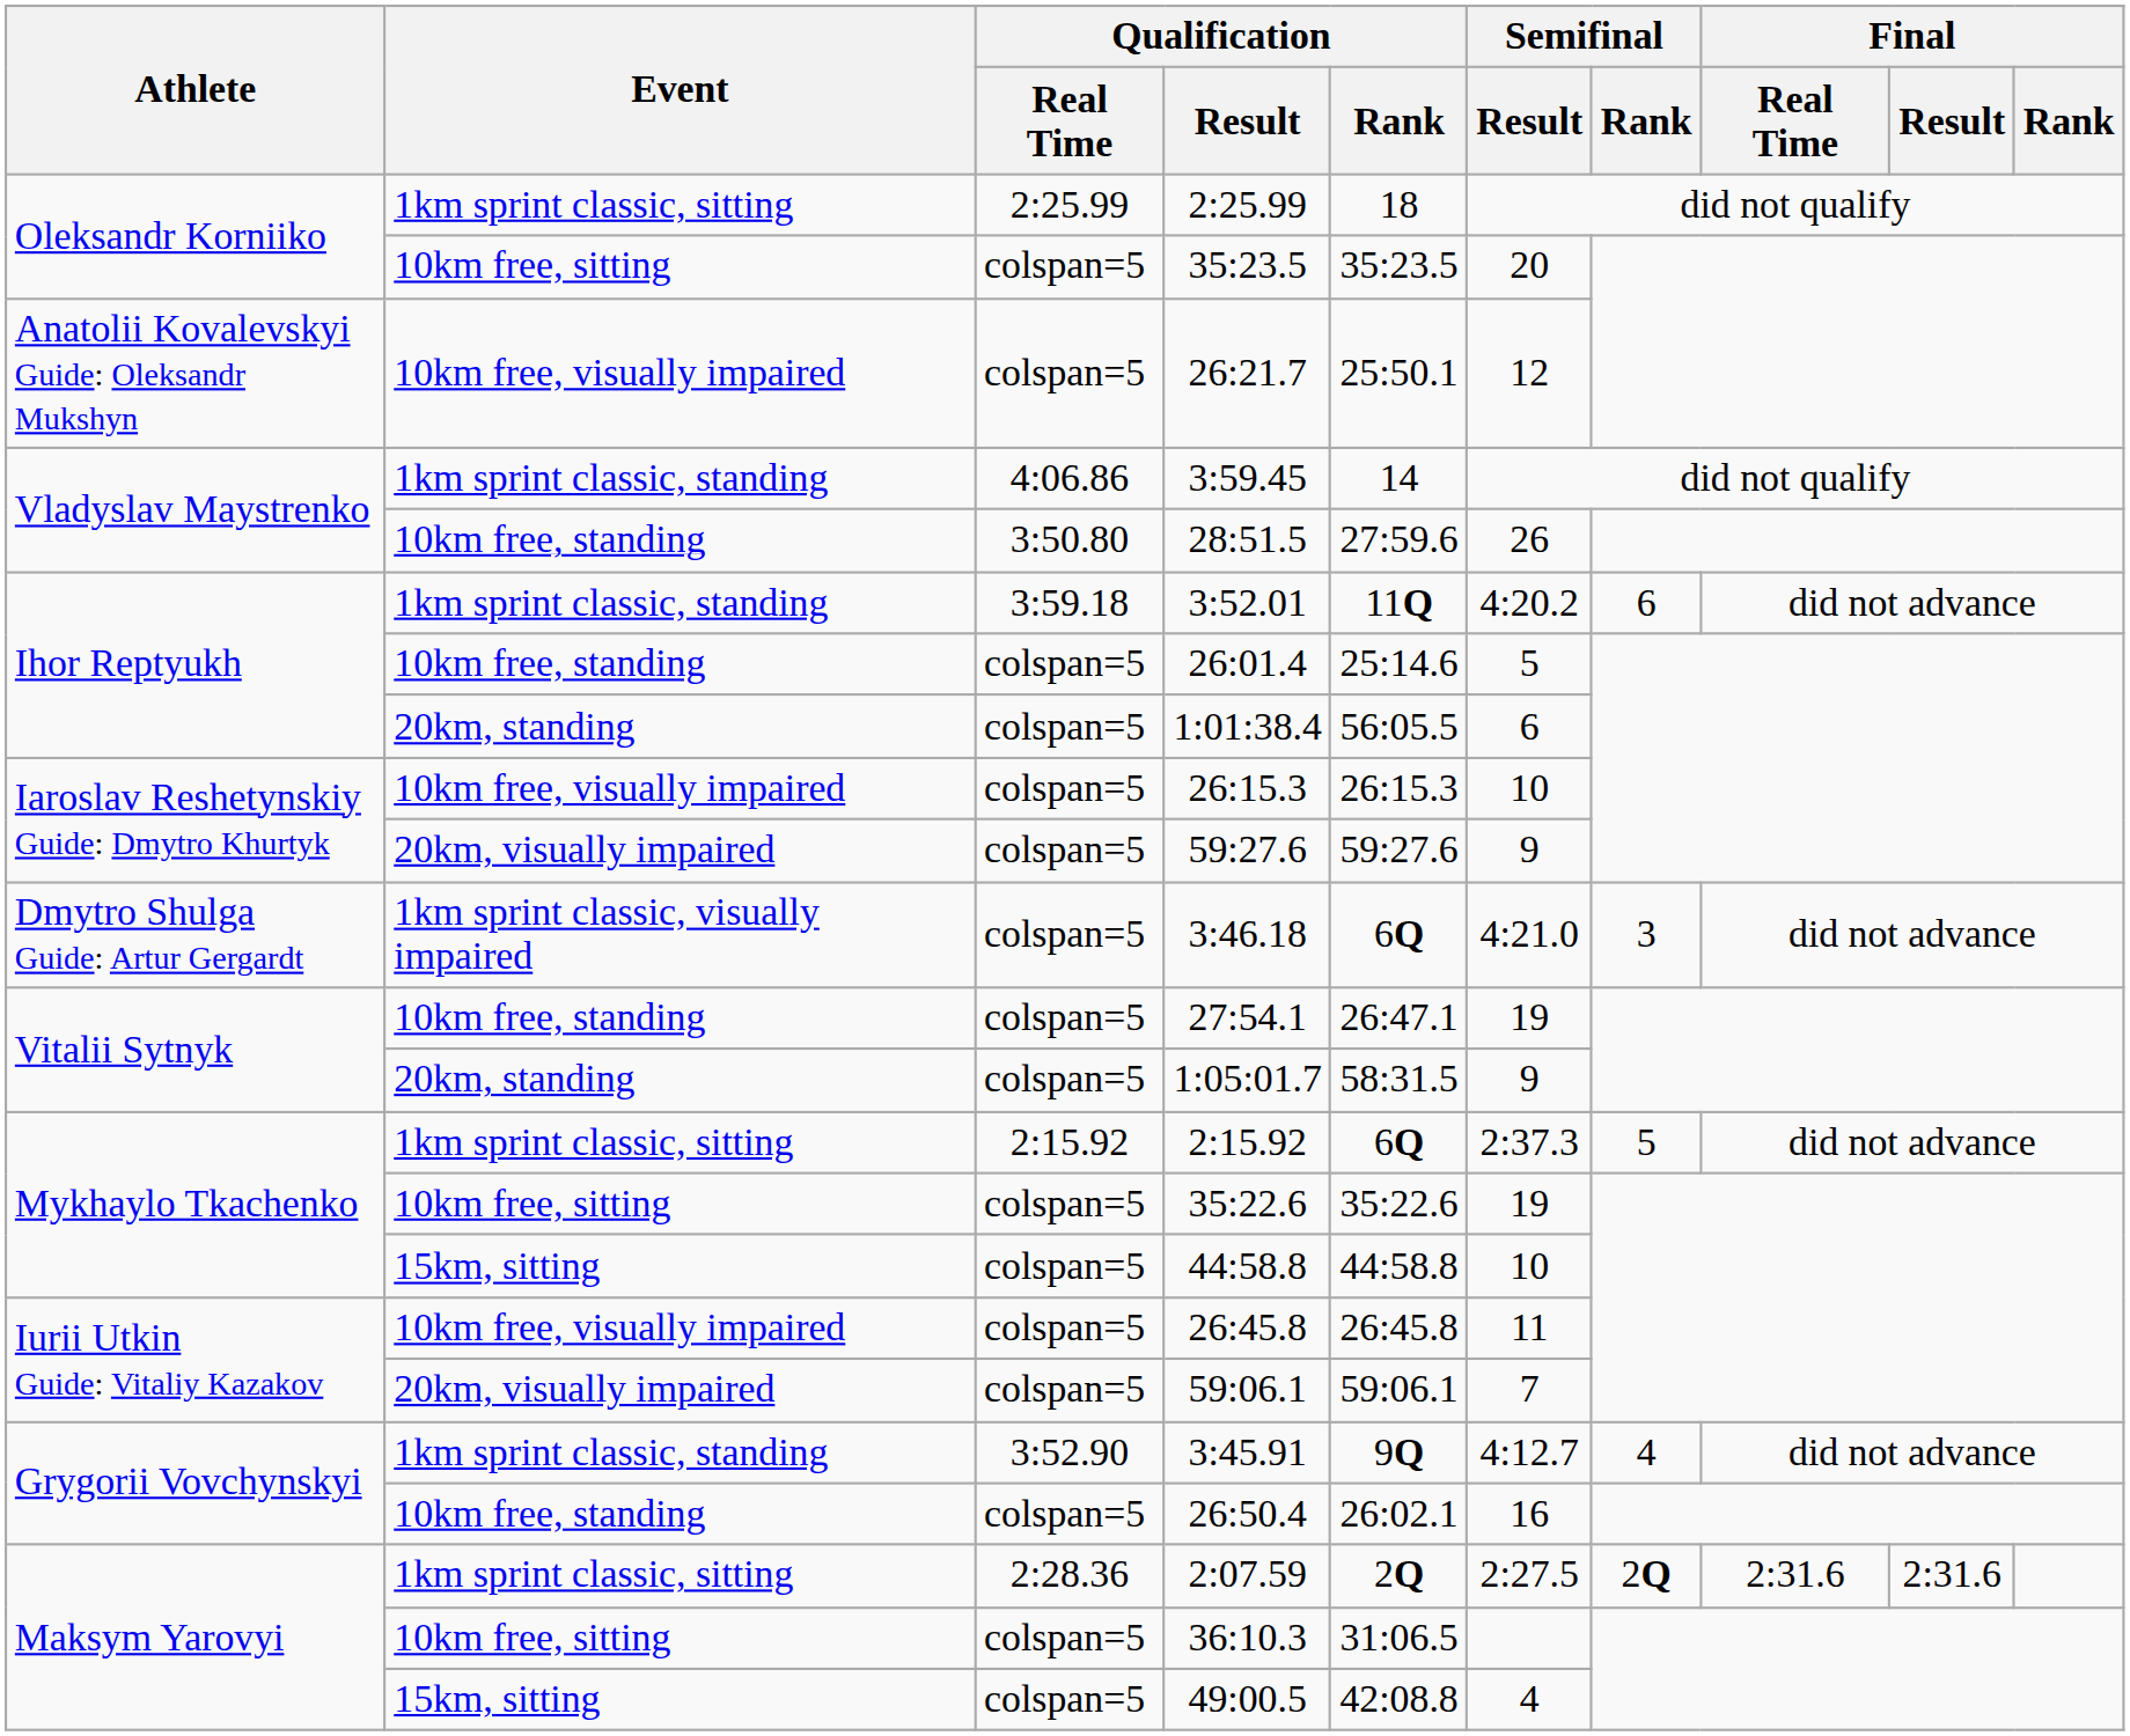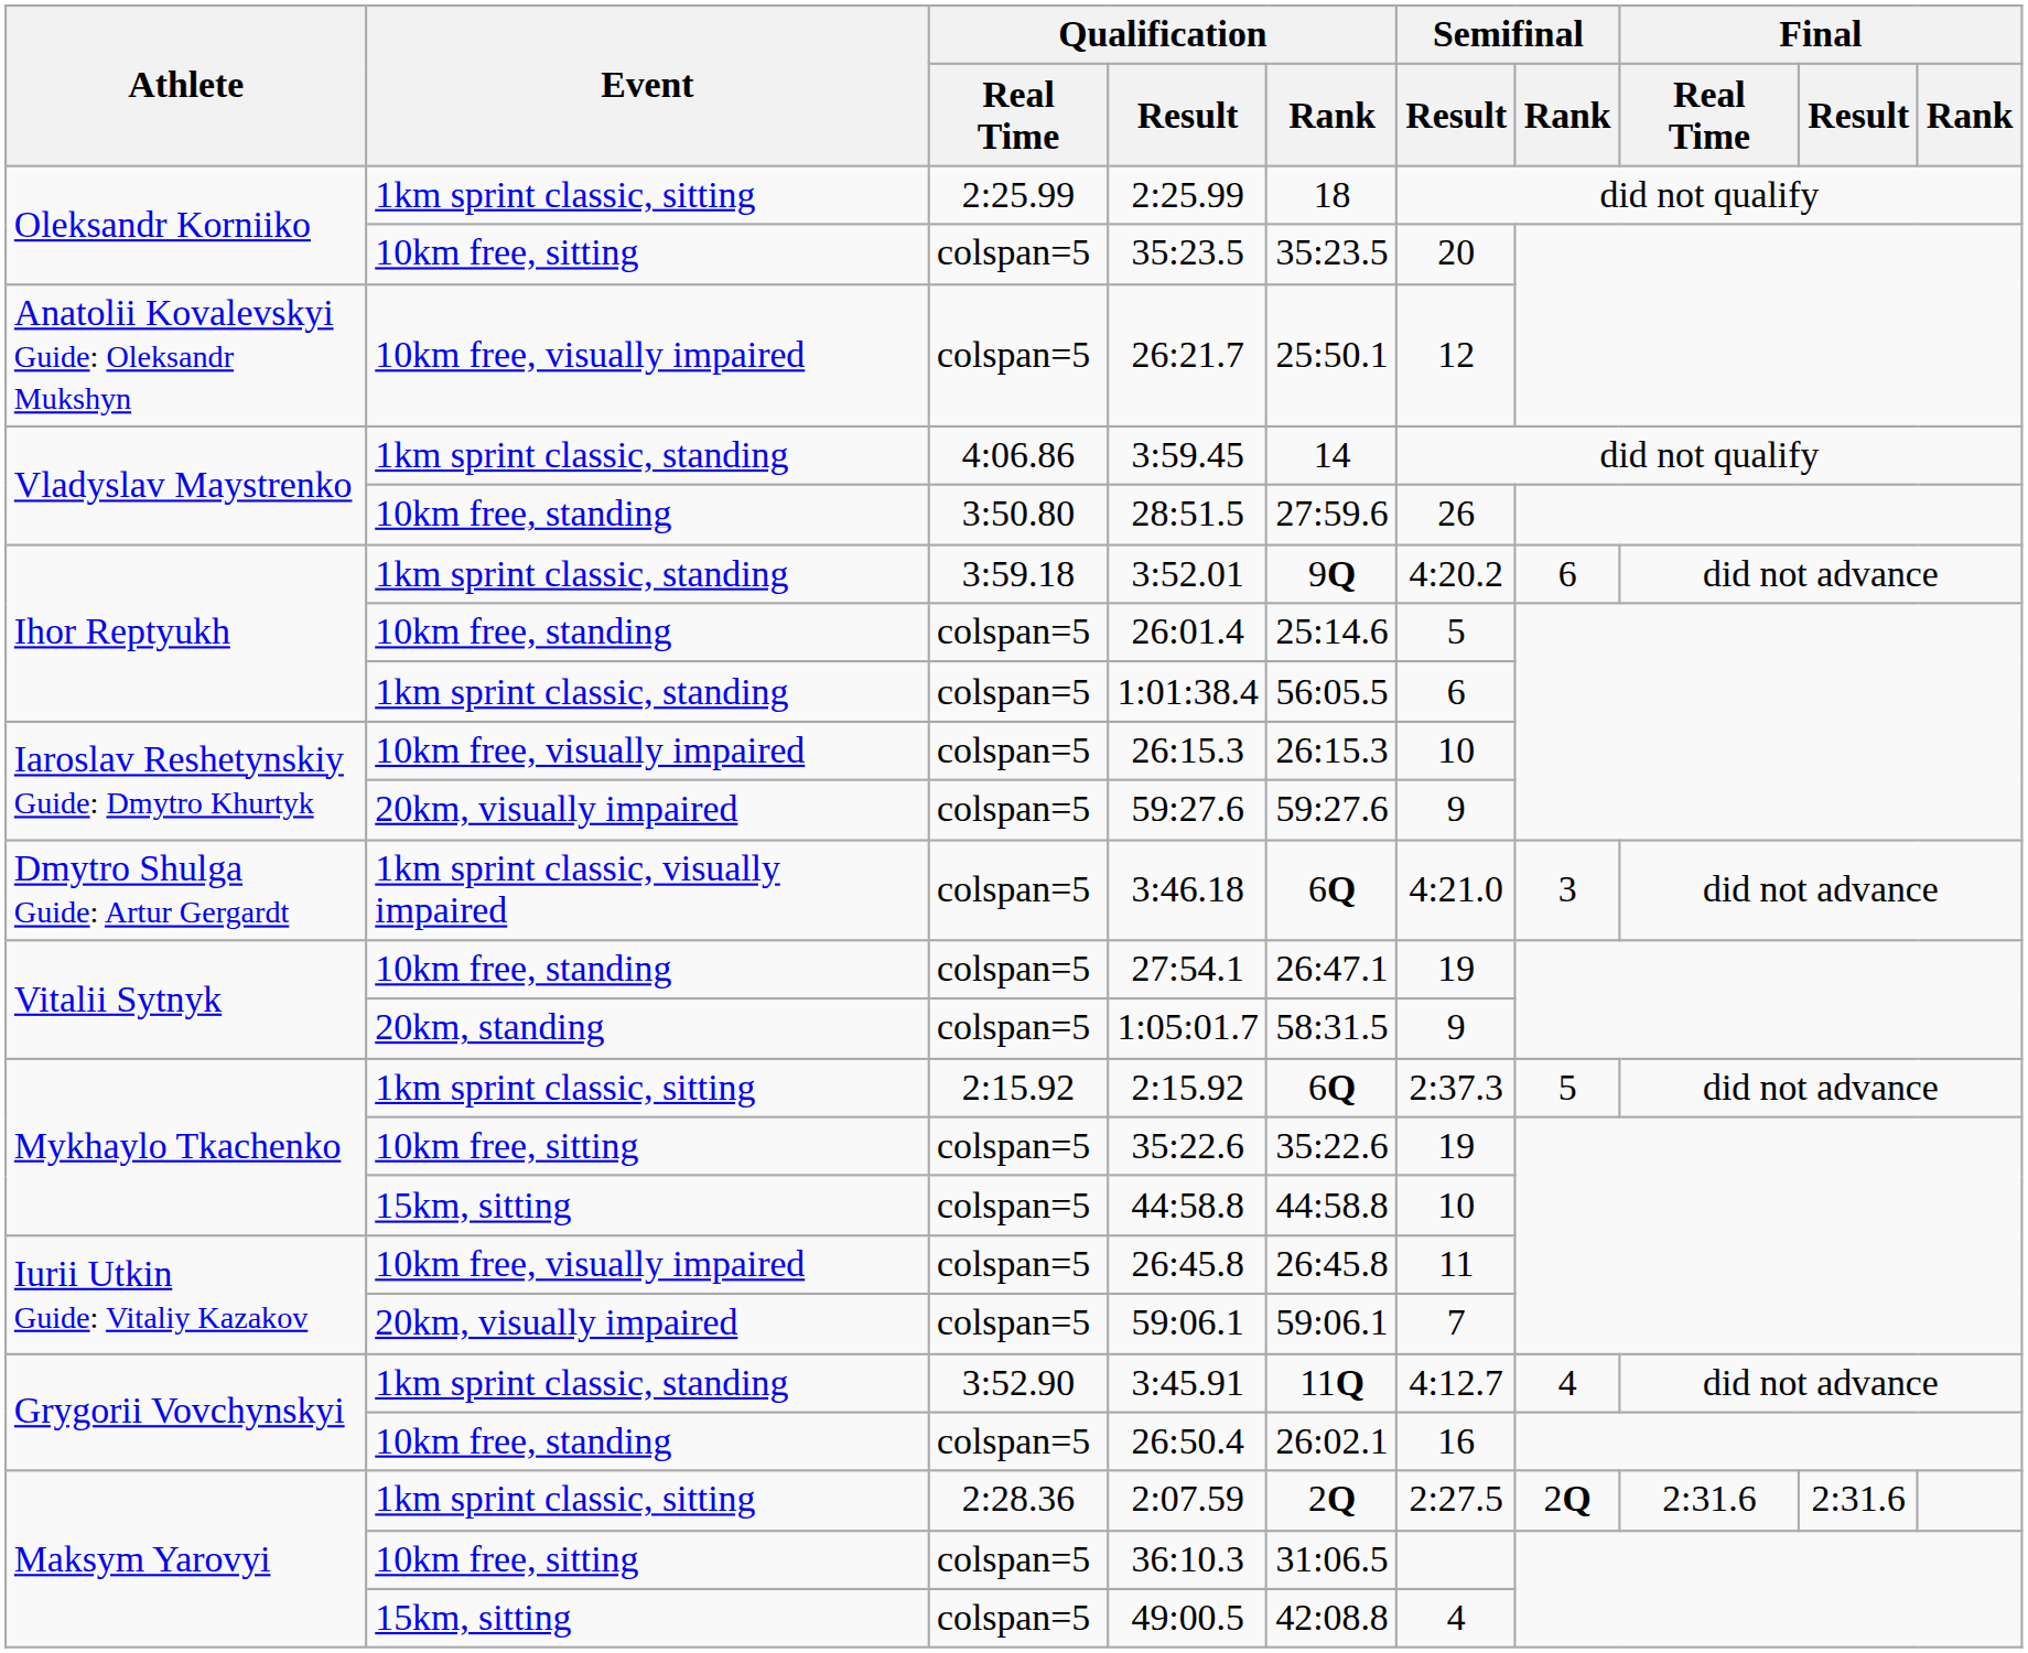 <table class="wikitable" style="font-size:100%">
 <tr>
 <th rowspan="2">Athlete</th>
 <th rowspan="2">Event</th>
 <th colspan="3">Qualification</th>
 <th colspan="2">Semifinal</th>
 <th colspan="3">Final</th>
 </tr>
 <tr>
 <th>Real Time</th>
 <th>Result</th>
 <th>Rank</th>
 <th>Result</th>
 <th>Rank</th>
 <th>Real Time</th>
 <th>Result</th>
 <th>Rank</th>
 </tr>
 <tr>
 <td rowspan=2><a href='#'>Oleksandr Korniiko</a></td>
 <td><a href='#'>1km sprint classic, sitting</a></td>
 <td align="center">2:25.99</td>
 <td align="center">2:25.99</td>
 <td align="center">18</td>
 <td colspan=5 align="center">did not qualify</td>
 </tr>
 <tr>
 <td><a href='#'>10km free, sitting</a></td>
 <td>colspan=5 </td>
 <td align="center">35:23.5</td>
 <td align="center">35:23.5</td>
 <td align="center">20</td>
 </tr>
 <tr>
 <td><a href='#'>Anatolii Kovalevskyi</a><br><small><a href='#'>Guide</a>: <a href='#'>Oleksandr Mukshyn</a></small></td>
 <td><a href='#'>10km free, visually impaired</a></td>
 <td>colspan=5 </td>
 <td align="center">26:21.7</td>
 <td align="center">25:50.1</td>
 <td align="center">12</td>
 </tr>
 <tr>
 <td rowspan=2><a href='#'>Vladyslav Maystrenko</a></td>
 <td><a href='#'>1km sprint classic, standing</a></td>
 <td align="center">4:06.86</td>
 <td align="center">3:59.45</td>
 <td align="center">14</td>
 <td colspan=5 align="center">did not qualify</td>
 </tr>
 <tr>
 <td><a href='#'>10km free, standing</a></td>
 <td align="center">3:50.80</td>
 <td align="center">28:51.5</td>
 <td align="center">27:59.6</td>
 <td align="center">26</td>
 </tr>
 <tr>
 <td rowspan=3><a href='#'>Ihor Reptyukh</a></td>
 <td><a href='#'>1km sprint classic, standing</a></td>
 <td align="center">3:59.18</td>
 <td align="center">3:52.01</td>
-<td align="center">11<strong>Q</strong></td>
+<td align="center">9<strong>Q</strong></td>
 <td align="center">4:20.2</td>
 <td align="center">6</td>
 <td colspan=3 align="center">did not advance</td>
 </tr>
 <tr>
 <td><a href='#'>10km free, standing</a></td>
 <td>colspan=5 </td>
 <td align="center">26:01.4</td>
 <td align="center">25:14.6</td>
 <td align="center">5</td>
 </tr>
 <tr>
-<td><a href='#'>20km, standing</a></td>
+<td><a href='#'>1km sprint classic, standing</a></td>
 <td>colspan=5 </td>
 <td align="center">1:01:38.4</td>
 <td align="center">56:05.5</td>
 <td align="center">6</td>
 </tr>
 <tr>
 <td rowspan=2><a href='#'>Iaroslav Reshetynskiy</a><br><small><a href='#'>Guide</a>: <a href='#'>Dmytro Khurtyk</a></small></td>
 <td><a href='#'>10km free, visually impaired</a></td>
 <td>colspan=5 </td>
 <td align="center">26:15.3</td>
 <td align="center">26:15.3</td>
 <td align="center">10</td>
 </tr>
 <tr>
 <td><a href='#'>20km, visually impaired</a></td>
 <td>colspan=5 </td>
 <td align="center">59:27.6</td>
 <td align="center">59:27.6</td>
 <td align="center">9</td>
 </tr>
 <tr>
 <td><a href='#'>Dmytro Shulga</a><br><small><a href='#'>Guide</a>: <a href='#'>Artur Gergardt</a></small></td>
 <td><a href='#'>1km sprint classic, visually impaired</a></td>
 <td>colspan=5 </td>
 <td align="center">3:46.18</td>
 <td align="center">6<strong>Q</strong></td>
 <td align="center">4:21.0</td>
 <td align="center">3</td>
 <td colspan=3 align="center">did not advance</td>
 </tr>
 <tr>
 <td rowspan=2><a href='#'>Vitalii Sytnyk</a></td>
 <td><a href='#'>10km free, standing</a></td>
 <td>colspan=5 </td>
 <td align="center">27:54.1</td>
 <td align="center">26:47.1</td>
 <td align="center">19</td>
 </tr>
 <tr>
 <td><a href='#'>20km, standing</a></td>
 <td>colspan=5 </td>
 <td align="center">1:05:01.7</td>
 <td align="center">58:31.5</td>
 <td align="center">9</td>
 </tr>
 <tr>
 <td rowspan=3><a href='#'>Mykhaylo Tkachenko</a></td>
 <td><a href='#'>1km sprint classic, sitting</a></td>
 <td align="center">2:15.92</td>
 <td align="center">2:15.92</td>
 <td align="center">6<strong>Q</strong></td>
 <td align="center">2:37.3</td>
 <td align="center">5</td>
 <td colspan=3 align="center">did not advance</td>
 </tr>
 <tr>
 <td><a href='#'>10km free, sitting</a></td>
 <td>colspan=5 </td>
 <td align="center">35:22.6</td>
 <td align="center">35:22.6</td>
 <td align="center">19</td>
 </tr>
 <tr>
 <td><a href='#'>15km, sitting</a></td>
 <td>colspan=5 </td>
 <td align="center">44:58.8</td>
 <td align="center">44:58.8</td>
 <td align="center">10</td>
 </tr>
 <tr>
 <td rowspan=2><a href='#'>Iurii Utkin</a><br><small><a href='#'>Guide</a>: <a href='#'>Vitaliy Kazakov</a></small></td>
 <td><a href='#'>10km free, visually impaired</a></td>
 <td>colspan=5 </td>
 <td align="center">26:45.8</td>
 <td align="center">26:45.8</td>
 <td align="center">11</td>
 </tr>
 <tr>
 <td><a href='#'>20km, visually impaired</a></td>
 <td>colspan=5 </td>
 <td align="center">59:06.1</td>
 <td align="center">59:06.1</td>
 <td align="center">7</td>
 </tr>
 <tr>
 <td rowspan=2><a href='#'>Grygorii Vovchynskyi</a></td>
 <td><a href='#'>1km sprint classic, standing</a></td>
 <td align="center">3:52.90</td>
 <td align="center">3:45.91</td>
-<td align="center">9<strong>Q</strong></td>
+<td align="center">11<strong>Q</strong></td>
 <td align="center">4:12.7</td>
 <td align="center">4</td>
 <td colspan=3 align="center">did not advance</td>
 </tr>
 <tr>
 <td><a href='#'>10km free, standing</a></td>
 <td>colspan=5 </td>
 <td align="center">26:50.4</td>
 <td align="center">26:02.1</td>
 <td align="center">16</td>
 </tr>
 <tr>
 <td rowspan=3><a href='#'>Maksym Yarovyi</a></td>
 <td><a href='#'>1km sprint classic, sitting</a></td>
 <td align="center">2:28.36</td>
 <td align="center">2:07.59</td>
 <td align="center">2<strong>Q</strong></td>
 <td align="center">2:27.5</td>
 <td align="center">2<strong>Q</strong></td>
 <td align="center">2:31.6</td>
 <td align="center">2:31.6</td>
 <td align="center"></td>
 </tr>
 <tr>
 <td><a href='#'>10km free, sitting</a></td>
 <td>colspan=5 </td>
 <td align="center">36:10.3</td>
 <td align="center">31:06.5</td>
 <td align="center"></td>
 </tr>
 <tr>
 <td><a href='#'>15km, sitting</a></td>
 <td>colspan=5 </td>
 <td align="center">49:00.5</td>
 <td align="center">42:08.8</td>
 <td align="center">4</td>
 </tr>
 </table>
